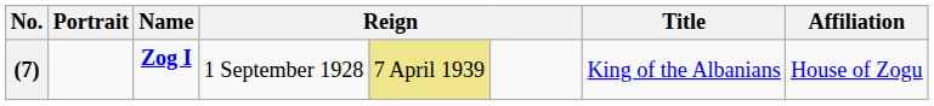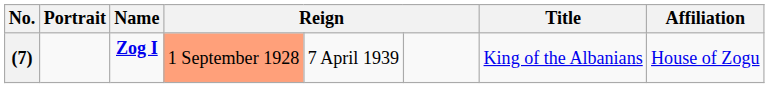 <table class="wikitable" style="text-align:center;">
 <tr>
 <th>No.</th>
 <th>Portrait</th>
 <th>Name</th>
 <th colspan="3">Reign</th>
 <th>Title</th>
 <th>Affiliation</th>
 </tr>
 <tr>
 <th style="background:">(7)</th>
 <td></td>
 <td><strong><a href='#'>Zog I</a></strong><br><br></td>
-<td>1 September 1928</td>
-<td style="background: khaki;">7 April 1939</td>
+<td style="background: lightsalmon;">1 September 1928</td>
+<td>7 April 1939</td>
 <td width="60px"><em></em></td>
 <td><a href='#'>King of the Albanians</a></td>
 <td><a href='#'>House of Zogu</a></td>
 </tr>
 </table>
